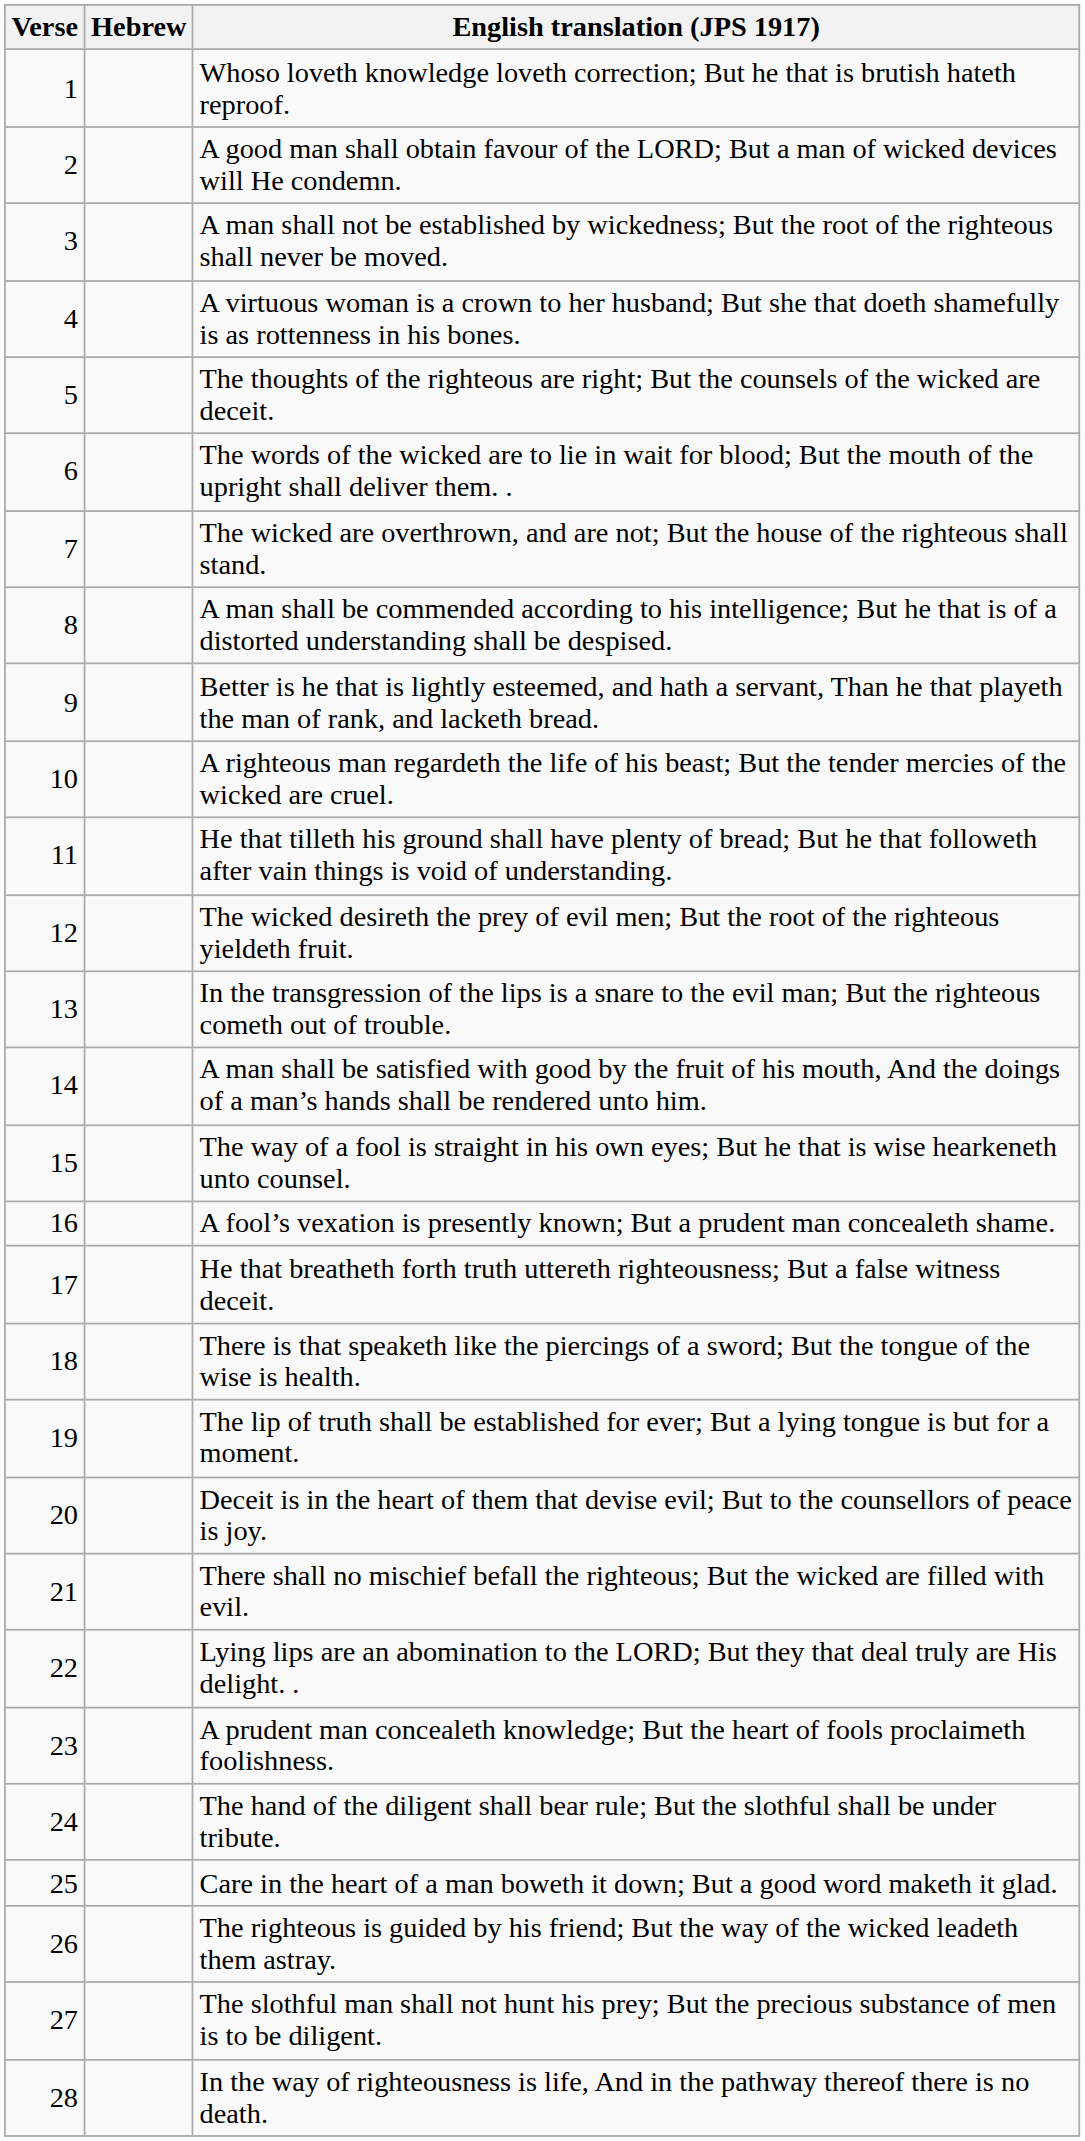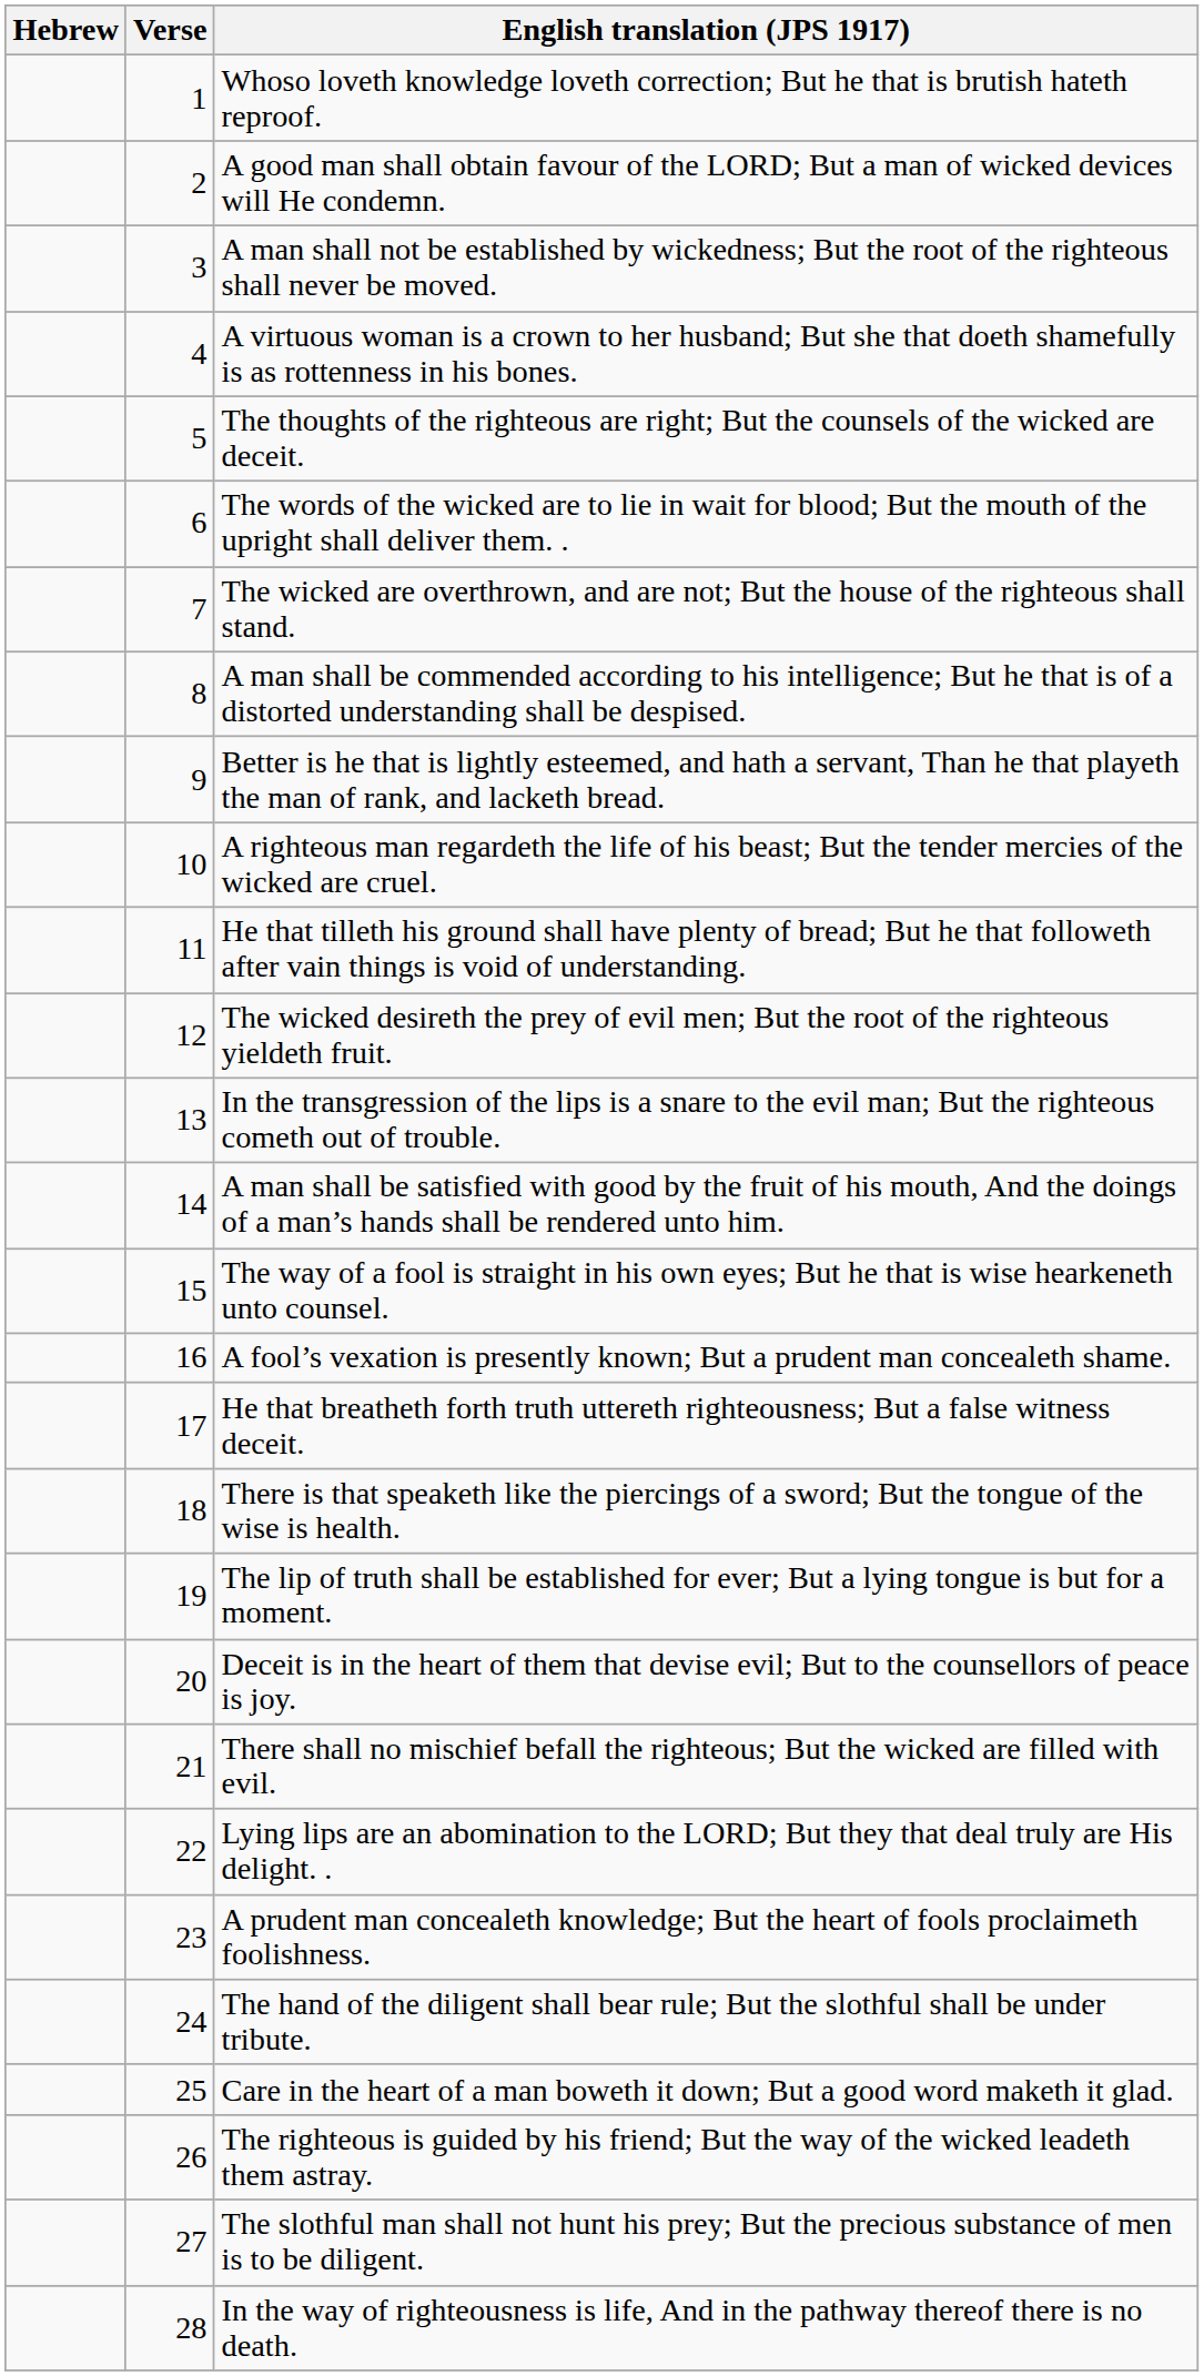 <table class="wikitable">
 <tr>
+<th>Hebrew</th>
 <th>Verse</th>
-<th>Hebrew</th>
 <th>English translation (JPS 1917)</th>
 </tr>
 <tr>
+<td style="text-align:right"></td>
 <td style="text-align:right">1</td>
-<td style="text-align:right"></td>
 <td>Whoso loveth knowledge loveth correction; But he that is brutish hateth reproof.</td>
 </tr>
 <tr>
+<td style="text-align:right"></td>
 <td style="text-align:right">2</td>
-<td style="text-align:right"></td>
 <td>A good man shall obtain favour of the LORD; But a man of wicked devices will He condemn.</td>
 </tr>
 <tr>
+<td style="text-align:right"></td>
 <td style="text-align:right">3</td>
-<td style="text-align:right"></td>
 <td>A man shall not be established by wickedness; But the root of the righteous shall never be moved.</td>
 </tr>
 <tr>
+<td style="text-align:right"></td>
 <td style="text-align:right">4</td>
-<td style="text-align:right"></td>
 <td>A virtuous woman is a crown to her husband; But she that doeth shamefully is as rottenness in his bones.</td>
 </tr>
 <tr>
+<td style="text-align:right"></td>
 <td style="text-align:right">5</td>
-<td style="text-align:right"></td>
 <td>The thoughts of the righteous are right; But the counsels of the wicked are deceit.</td>
 </tr>
 <tr>
+<td style="text-align:right"></td>
 <td style="text-align:right">6</td>
-<td style="text-align:right"></td>
 <td>The words of the wicked are to lie in wait for blood; But the mouth of the upright shall deliver them. .</td>
 </tr>
 <tr>
+<td style="text-align:right"></td>
 <td style="text-align:right">7</td>
-<td style="text-align:right"></td>
 <td>The wicked are overthrown, and are not; But the house of the righteous shall stand.</td>
 </tr>
 <tr>
+<td style="text-align:right"></td>
 <td style="text-align:right">8</td>
-<td style="text-align:right"></td>
 <td>A man shall be commended according to his intelligence; But he that is of a distorted understanding shall be despised.</td>
 </tr>
 <tr>
+<td style="text-align:right"></td>
 <td style="text-align:right">9</td>
-<td style="text-align:right"></td>
 <td>Better is he that is lightly esteemed, and hath a servant, Than he that playeth the man of rank, and lacketh bread.</td>
 </tr>
 <tr>
+<td style="text-align:right"></td>
 <td style="text-align:right">10</td>
-<td style="text-align:right"></td>
 <td>A righteous man regardeth the life of his beast; But the tender mercies of the wicked are cruel.</td>
 </tr>
 <tr>
+<td style="text-align:right"></td>
 <td style="text-align:right">11</td>
-<td style="text-align:right"></td>
 <td>He that tilleth his ground shall have plenty of bread; But he that followeth after vain things is void of understanding.</td>
 </tr>
 <tr>
+<td style="text-align:right"></td>
 <td style="text-align:right">12</td>
-<td style="text-align:right"></td>
 <td>The wicked desireth the prey of evil men; But the root of the righteous yieldeth fruit.</td>
 </tr>
 <tr>
+<td style="text-align:right"></td>
 <td style="text-align:right">13</td>
-<td style="text-align:right"></td>
 <td>In the transgression of the lips is a snare to the evil man; But the righteous cometh out of trouble.</td>
 </tr>
 <tr>
+<td style="text-align:right"></td>
 <td style="text-align:right">14</td>
-<td style="text-align:right"></td>
 <td>A man shall be satisfied with good by the fruit of his mouth, And the doings of a man’s hands shall be rendered unto him.</td>
 </tr>
 <tr>
+<td style="text-align:right"></td>
 <td style="text-align:right">15</td>
-<td style="text-align:right"></td>
 <td>The way of a fool is straight in his own eyes; But he that is wise hearkeneth unto counsel.</td>
 </tr>
 <tr>
+<td style="text-align:right"></td>
 <td style="text-align:right">16</td>
-<td style="text-align:right"></td>
 <td>A fool’s vexation is presently known; But a prudent man concealeth shame.</td>
 </tr>
 <tr>
+<td style="text-align:right"></td>
 <td style="text-align:right">17</td>
-<td style="text-align:right"></td>
 <td>He that breatheth forth truth uttereth righteousness; But a false witness deceit.</td>
 </tr>
 <tr>
+<td style="text-align:right"></td>
 <td style="text-align:right">18</td>
-<td style="text-align:right"></td>
 <td>There is that speaketh like the piercings of a sword; But the tongue of the wise is health.</td>
 </tr>
 <tr>
+<td style="text-align:right"></td>
 <td style="text-align:right">19</td>
-<td style="text-align:right"></td>
 <td>The lip of truth shall be established for ever; But a lying tongue is but for a moment.</td>
 </tr>
 <tr>
+<td style="text-align:right"></td>
 <td style="text-align:right">20</td>
-<td style="text-align:right"></td>
 <td>Deceit is in the heart of them that devise evil; But to the counsellors of peace is joy.</td>
 </tr>
 <tr>
+<td style="text-align:right"></td>
 <td style="text-align:right">21</td>
-<td style="text-align:right"></td>
 <td>There shall no mischief befall the righteous; But the wicked are filled with evil.</td>
 </tr>
 <tr>
+<td style="text-align:right"></td>
 <td style="text-align:right">22</td>
-<td style="text-align:right"></td>
 <td>Lying lips are an abomination to the LORD; But they that deal truly are His delight. .</td>
 </tr>
 <tr>
+<td style="text-align:right"></td>
 <td style="text-align:right">23</td>
-<td style="text-align:right"></td>
 <td>A prudent man concealeth knowledge; But the heart of fools proclaimeth foolishness.</td>
 </tr>
 <tr>
+<td style="text-align:right"></td>
 <td style="text-align:right">24</td>
-<td style="text-align:right"></td>
 <td>The hand of the diligent shall bear rule; But the slothful shall be under tribute.</td>
 </tr>
 <tr>
+<td style="text-align:right"></td>
 <td style="text-align:right">25</td>
-<td style="text-align:right"></td>
 <td>Care in the heart of a man boweth it down; But a good word maketh it glad.</td>
 </tr>
 <tr>
+<td style="text-align:right"></td>
 <td style="text-align:right">26</td>
-<td style="text-align:right"></td>
 <td>The righteous is guided by his friend; But the way of the wicked leadeth them astray.</td>
 </tr>
 <tr>
+<td style="text-align:right"></td>
 <td style="text-align:right">27</td>
-<td style="text-align:right"></td>
 <td>The slothful man shall not hunt his prey; But the precious substance of men is to be diligent.</td>
 </tr>
 <tr>
+<td style="text-align:right"></td>
 <td style="text-align:right">28</td>
-<td style="text-align:right"></td>
 <td>In the way of righteousness is life, And in the pathway thereof there is no death.</td>
 </tr>
 </table>
